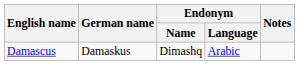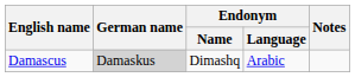 <table class="wikitable sortable mw-collapsible">
 <tr>
 <th rowspan="2">English name</th>
 <th rowspan="2">German name</th>
 <th colspan="2">Endonym</th>
 <th rowspan="2">Notes</th>
 </tr>
 <tr>
 <th>Name</th>
 <th>Language</th>
 </tr>
 <tr>
 <td><a href='#'>Damascus</a></td>
-<td>Damaskus</td>
+<td style="background: lightgrey;">Damaskus</td>
 <td>Dimashq</td>
 <td><a href='#'>Arabic</a></td>
 <td></td>
 </tr>
 </table>
